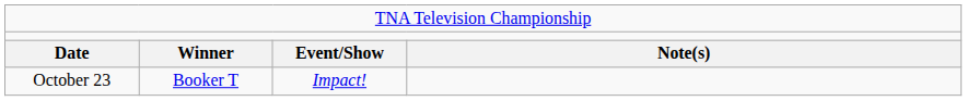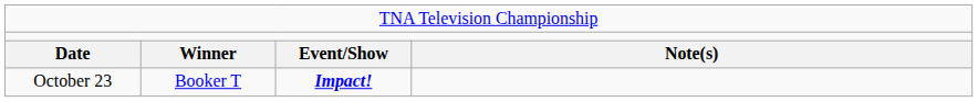 <table class="wikitable" style="text-align:center; width:100%;">
 <tr>
 <td colspan="5"><a href='#'>TNA Television Championship</a></td>
 </tr>
 <tr>
 <td colspan="5"><strong></strong></td>
 </tr>
 <tr>
 <th width="14%">Date</th>
 <th width="14%">Winner</th>
 <th width="14%">Event/Show</th>
 <th width="58%">Note(s)</th>
 </tr>
 <tr>
 <td>October 23</td>
 <td><a href='#'>Booker T</a></td>
-<td><em><a href='#'>Impact!</a></em></td>
+<td><strong><em><a href='#'>Impact!</a></em></strong></td>
 <td></td>
 </tr>
 </table>
